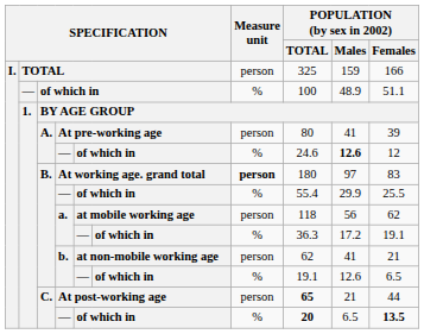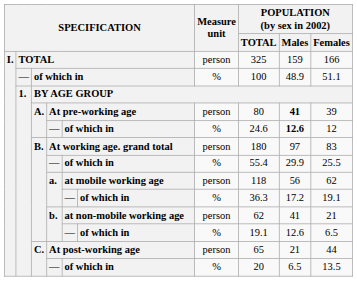 <table class="wikitable" style="font-size:85%; text-align:center">
 <tr>
 <th rowspan="2" colspan="6">SPECIFICATION</th>
 <th rowspan="2">Measure<br> unit</th>
 <th colspan="3" rowspan="1">POPULATION<br> (by sex in 2002)</th>
 </tr>
 <tr>
 <th>TOTAL</th>
 <th>Males</th>
 <th>Females</th>
 </tr>
 <tr>
 <th style="text-align:left" valign="top" rowspan="13">I.</th>
 <th style="text-align:left" colspan="5">TOTAL</th>
 <td>person</td>
 <td>325</td>
 <td>159</td>
 <td>166</td>
 </tr>
 <tr>
 <th style="text-align:left" valign="top">—</th>
 <th style="text-align:left" colspan="4">of which in</th>
 <td>%</td>
 <td>100</td>
 <td>48.9</td>
 <td>51.1</td>
 </tr>
 <tr>
 <th style="text-align:left" valign="top" rowspan="11">1.</th>
 <th style="text-align:left" colspan="19">BY AGE GROUP</th>
 </tr>
 <tr>
 <th style="text-align:left" valign="top" rowspan="2">A.</th>
 <th style="text-align:left" colspan="3">At pre-working age</th>
 <td>person</td>
 <td>80</td>
-<td>41</td>
+<td><strong>41</strong></td>
 <td>39</td>
 </tr>
 <tr>
 <th style="text-align:left" valign="top">—</th>
 <th style="text-align:left" valign="top" colspan="2">of which in</th>
 <td>%</td>
 <td>24.6</td>
 <td><strong>12.6</strong></td>
 <td>12</td>
 </tr>
 <tr>
 <th style="text-align:left" valign="top" rowspan="6">B.</th>
 <th style="text-align:left" colspan="3">At working age. grand total</th>
-<td><strong>person</strong></td>
+<td>person</td>
 <td>180</td>
 <td>97</td>
 <td>83</td>
 </tr>
 <tr>
 <th style="text-align:left" valign="top">—</th>
 <th style="text-align:left" valign="top" colspan="2">of which in</th>
 <td>%</td>
 <td>55.4</td>
 <td>29.9</td>
 <td>25.5</td>
 </tr>
 <tr>
 <th style="text-align:left" valign="top" rowspan="2">a.</th>
 <th style="text-align:left" colspan="2">at mobile working age</th>
 <td>person</td>
 <td>118</td>
 <td>56</td>
 <td>62</td>
 </tr>
 <tr>
 <th style="text-align:left" valign="top">—</th>
 <th style="text-align:left" valign="top" colspan="1">of which in                        </th>
 <td>%</td>
 <td>36.3</td>
 <td>17.2</td>
 <td>19.1</td>
 </tr>
 <tr>
 <th style="text-align:left" valign="top" rowspan="2">b.</th>
 <th style="text-align:left" colspan="2">at non-mobile working age</th>
 <td>person</td>
 <td>62</td>
 <td>41</td>
 <td>21</td>
 </tr>
 <tr>
 <th style="text-align:left" valign="top">—</th>
 <th style="text-align:left" valign="top" colspan="1">of which in                        </th>
 <td>%</td>
 <td>19.1</td>
 <td>12.6</td>
 <td>6.5</td>
 </tr>
 <tr>
 <th style="text-align:left" valign="top" rowspan="2">C.</th>
 <th style="text-align:left" colspan="3">At post-working age</th>
 <td>person</td>
-<td><strong>65</strong></td>
+<td>65</td>
 <td>21</td>
 <td>44</td>
 </tr>
 <tr>
 <th style="text-align:left" valign="top">—</th>
 <th style="text-align:left" valign="top" colspan="2">of which in</th>
 <td>%</td>
-<td><strong>20</strong></td>
+<td>20</td>
 <td>6.5</td>
-<td><strong>13.5</strong></td>
+<td>13.5</td>
 </tr>
 </table>
